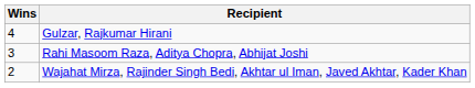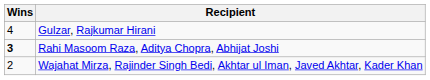 <table class="wikitable">
 <tr>
 <th>Wins</th>
 <th>Recipient</th>
 </tr>
 <tr>
 <td>4</td>
 <td><a href='#'>Gulzar</a>, <a href='#'>Rajkumar Hirani</a></td>
 </tr>
 <tr>
-<td>3</td>
+<td><strong>3</strong></td>
 <td><a href='#'>Rahi Masoom Raza</a>, <a href='#'>Aditya Chopra</a>, <a href='#'>Abhijat Joshi</a></td>
 </tr>
 <tr>
 <td>2</td>
 <td><a href='#'>Wajahat Mirza</a>, <a href='#'>Rajinder Singh Bedi</a>, <a href='#'>Akhtar ul Iman</a>, <a href='#'>Javed Akhtar</a>, <a href='#'>Kader Khan</a></td>
 </tr>
 </table>
